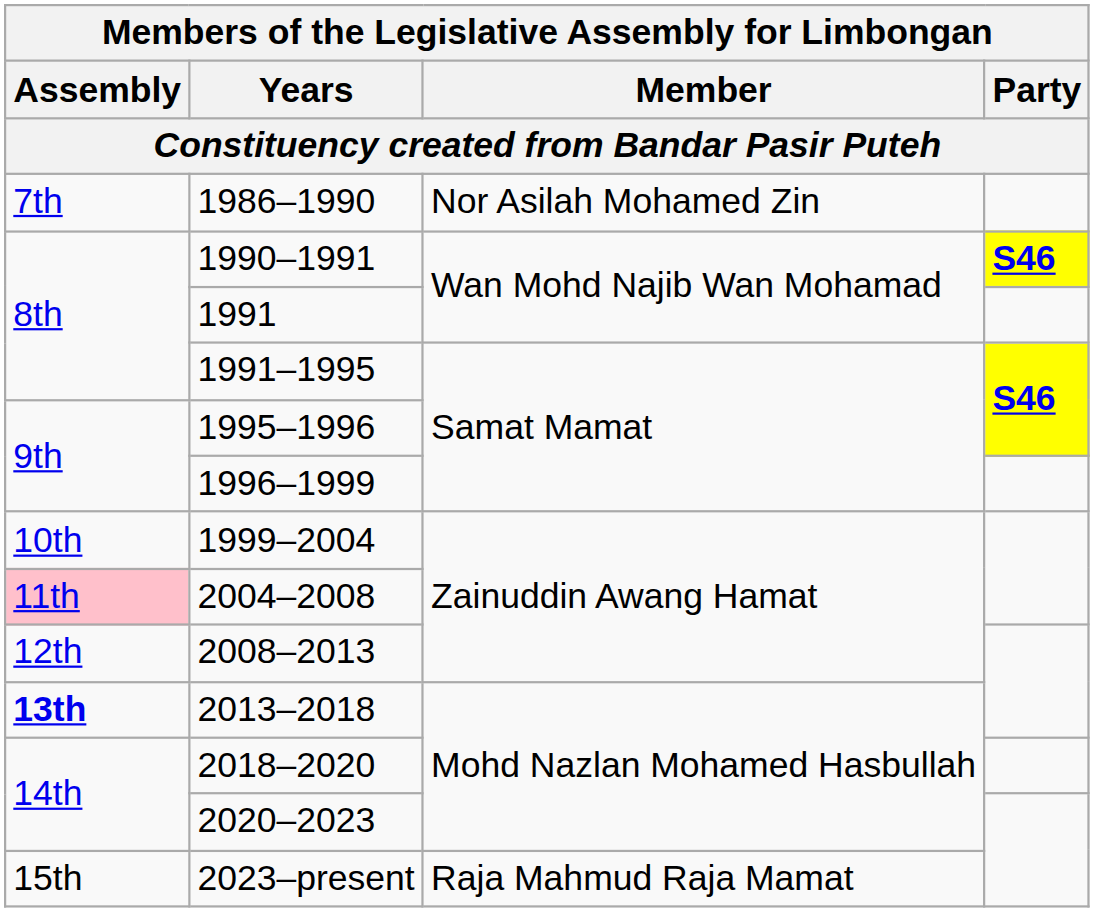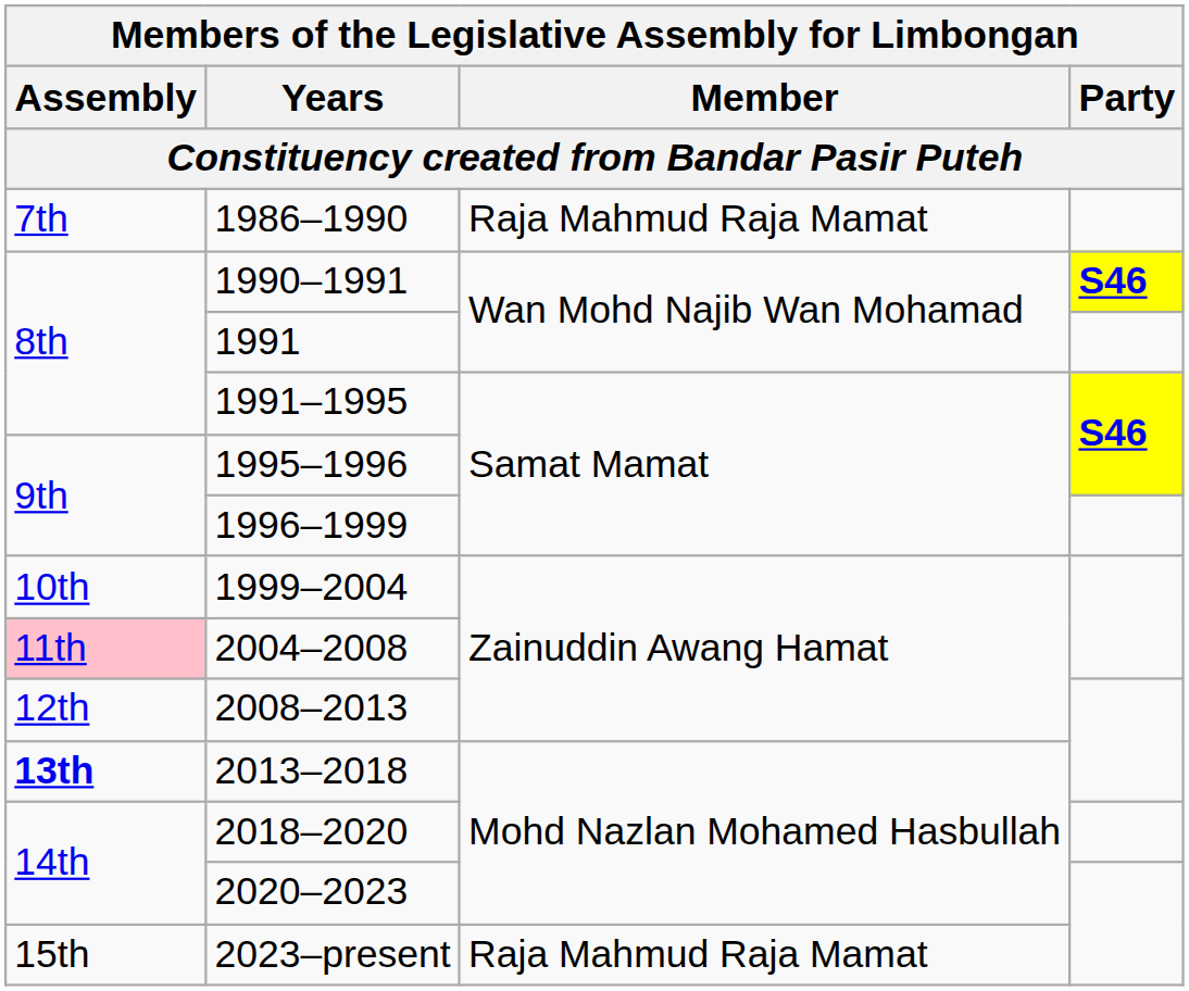 <table class=wikitable>
 <tr>
 <th colspan=4>Members of the Legislative Assembly for Limbongan</th>
 </tr>
 <tr>
 <th>Assembly</th>
 <th>Years</th>
 <th>Member</th>
 <th>Party</th>
 </tr>
 <tr>
 <th colspan=4 align=center><em>Constituency created from Bandar Pasir Puteh</em></th>
 </tr>
 <tr>
 <td><a href='#'>7th</a></td>
 <td>1986–1990</td>
-<td>Nor Asilah Mohamed Zin</td>
+<td>Raja Mahmud Raja Mamat</td>
 <td></td>
 </tr>
 <tr>
 <td rowspan=3><a href='#'>8th</a></td>
 <td>1990–1991</td>
 <td rowspan=2>Wan Mohd Najib Wan Mohamad</td>
 <td bgcolor="yellow"><strong><a href='#'>S46</a></strong></td>
 </tr>
 <tr>
 <td>1991</td>
 <td></td>
 </tr>
 <tr>
 <td>1991–1995</td>
 <td rowspan=3>Samat Mamat</td>
 <td rowspan=2 bgcolor="yellow"><strong><a href='#'>S46</a></strong></td>
 </tr>
 <tr>
 <td rowspan=2><a href='#'>9th</a></td>
 <td>1995–1996</td>
 </tr>
 <tr>
 <td>1996–1999</td>
 <td></td>
 </tr>
 <tr>
 <td><a href='#'>10th</a></td>
 <td>1999–2004</td>
 <td rowspan=3>Zainuddin Awang Hamat</td>
 <td rowspan=2></td>
 </tr>
 <tr>
 <td style="background: pink;"><a href='#'>11th</a></td>
 <td>2004–2008</td>
 </tr>
 <tr>
 <td><a href='#'>12th</a></td>
 <td>2008–2013</td>
 <td rowspan=2></td>
 </tr>
 <tr>
 <td><strong><a href='#'>13th</a></strong></td>
 <td>2013–2018</td>
 <td rowspan="3">Mohd Nazlan Mohamed Hasbullah</td>
 </tr>
 <tr>
 <td rowspan="2"><a href='#'>14th</a></td>
 <td>2018–2020</td>
 <td></td>
 </tr>
 <tr>
 <td>2020–2023</td>
 <td rowspan="2"></td>
 </tr>
 <tr>
 <td>15th</td>
 <td>2023–present</td>
 <td>Raja Mahmud Raja Mamat</td>
 </tr>
 </table>
